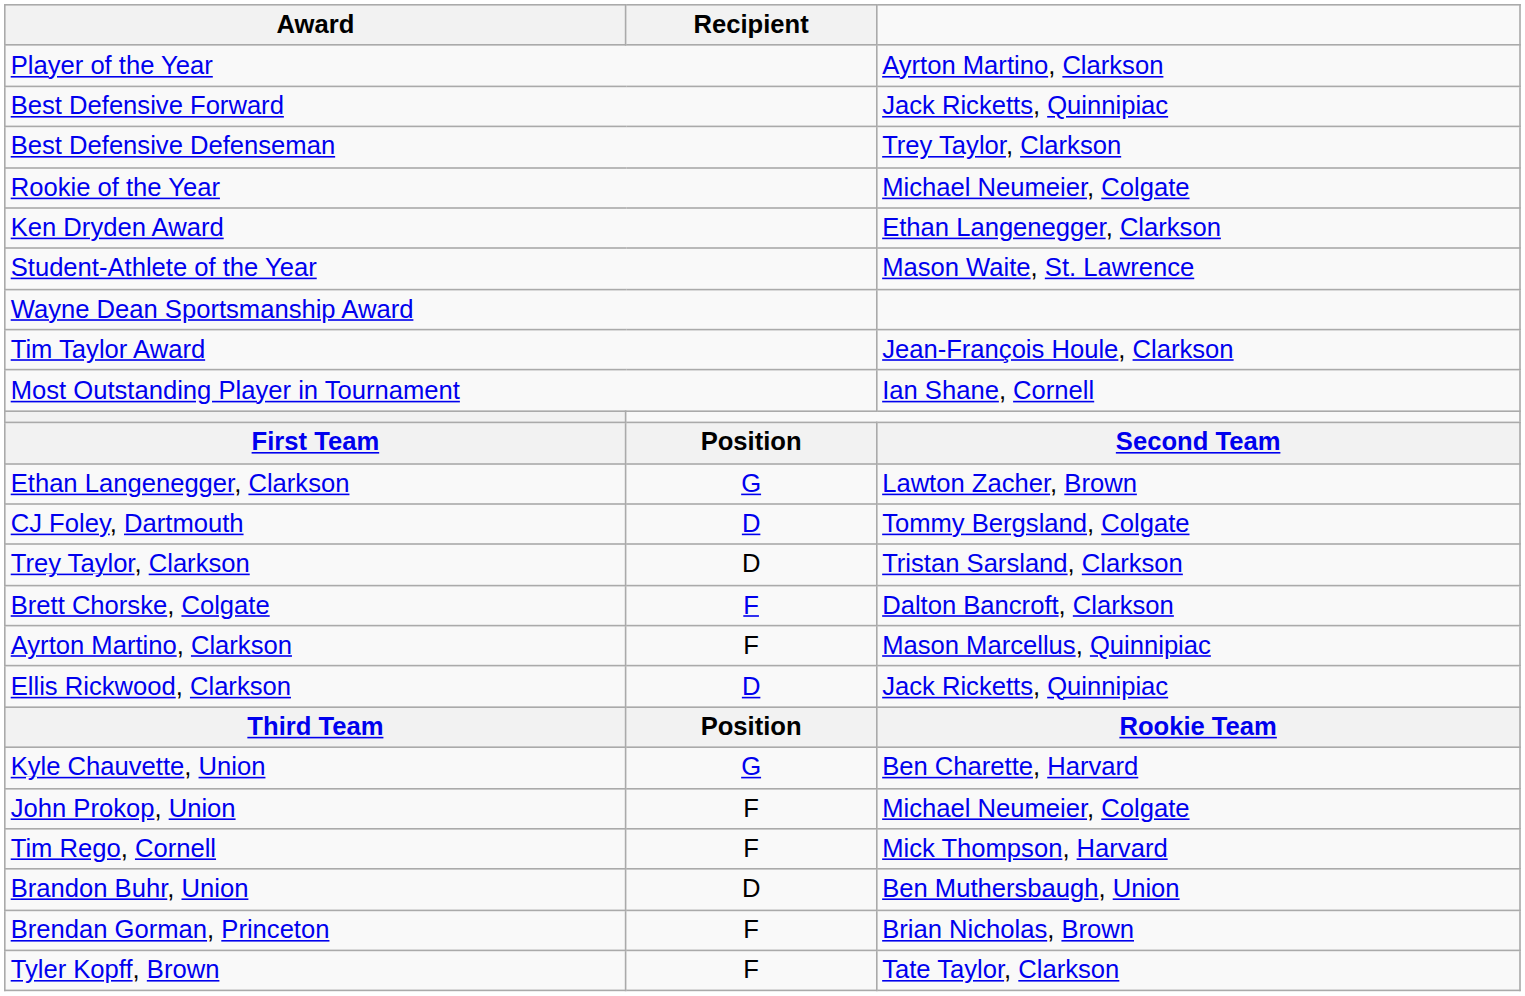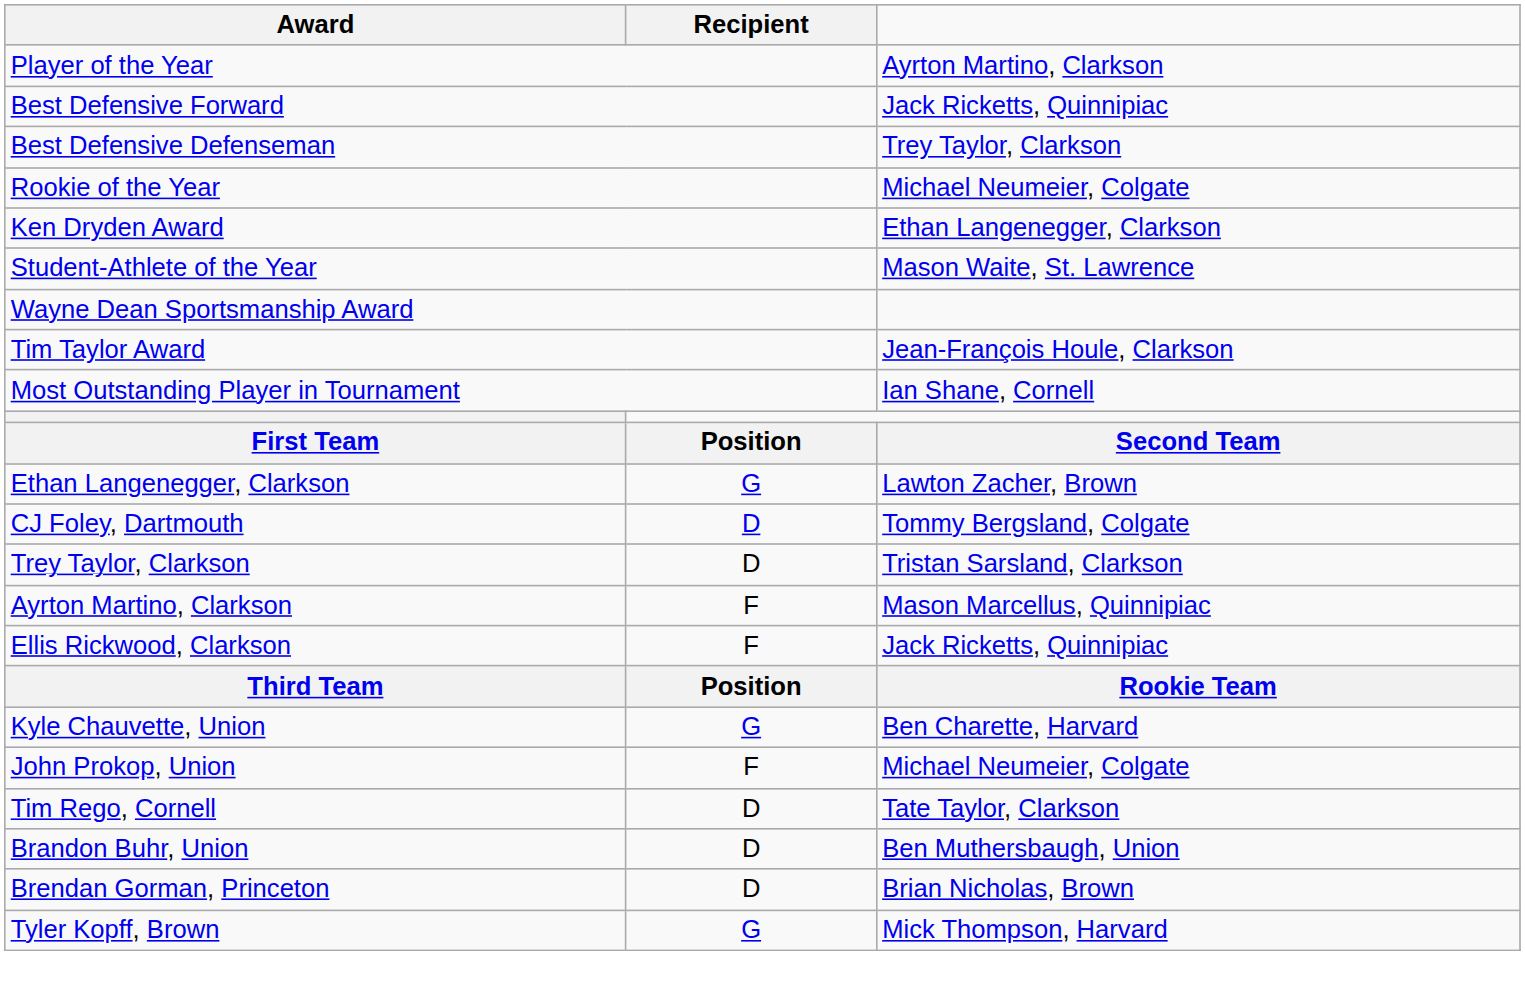 <table class="wikitable" width=75%>
 <tr>
 <th>Award</th>
 <th>Recipient</th>
 </tr>
 <tr>
 <td colspan=2><a href='#'>Player of the Year</a></td>
 <td><a href='#'>Ayrton Martino</a>, <a href='#'>Clarkson</a></td>
 </tr>
 <tr>
 <td colspan=2><a href='#'>Best Defensive Forward</a></td>
 <td><a href='#'>Jack Ricketts</a>, <a href='#'>Quinnipiac</a></td>
 </tr>
 <tr>
 <td colspan=2><a href='#'>Best Defensive Defenseman</a></td>
 <td><a href='#'>Trey Taylor</a>, <a href='#'>Clarkson</a></td>
 </tr>
 <tr>
 <td colspan=2><a href='#'>Rookie of the Year</a></td>
 <td><a href='#'>Michael Neumeier</a>, <a href='#'>Colgate</a></td>
 </tr>
 <tr>
 <td colspan=2><a href='#'>Ken Dryden Award</a></td>
 <td><a href='#'>Ethan Langenegger</a>, <a href='#'>Clarkson</a></td>
 </tr>
 <tr>
 <td colspan=2><a href='#'>Student-Athlete of the Year</a></td>
 <td><a href='#'>Mason Waite</a>, <a href='#'>St. Lawrence</a></td>
 </tr>
 <tr>
 <td colspan=2><a href='#'>Wayne Dean Sportsmanship Award</a></td>
 <td></td>
 </tr>
 <tr>
 <td colspan=2><a href='#'>Tim Taylor Award</a></td>
 <td><a href='#'>Jean-François Houle</a>, <a href='#'>Clarkson</a></td>
 </tr>
 <tr>
 <td colspan=2><a href='#'>Most Outstanding Player in Tournament</a></td>
 <td><a href='#'>Ian Shane</a>, <a href='#'>Cornell</a></td>
 </tr>
 <tr>
 <th><a href='#'></a></th>
 </tr>
 <tr>
 <th><a href='#'>First Team</a></th>
 <th>  Position  </th>
 <th><a href='#'>Second Team</a></th>
 </tr>
 <tr>
 <td><a href='#'>Ethan Langenegger</a>, <a href='#'>Clarkson</a></td>
 <td align=center><a href='#'>G</a></td>
 <td><a href='#'>Lawton Zacher</a>, <a href='#'>Brown</a></td>
 </tr>
 <tr>
 <td><a href='#'>CJ Foley</a>, <a href='#'>Dartmouth</a></td>
 <td align=center><a href='#'>D</a></td>
 <td><a href='#'>Tommy Bergsland</a>, <a href='#'>Colgate</a></td>
 </tr>
 <tr>
 <td><a href='#'>Trey Taylor</a>, <a href='#'>Clarkson</a></td>
 <td align=center>D</td>
 <td><a href='#'>Tristan Sarsland</a>, <a href='#'>Clarkson</a></td>
 </tr>
 <tr>
-<td><a href='#'>Brett Chorske</a>, <a href='#'>Colgate</a></td>
-<td align=center><a href='#'>F</a></td>
-<td><a href='#'>Dalton Bancroft</a>, <a href='#'>Clarkson</a></td>
-</tr>
-<tr>
 <td><a href='#'>Ayrton Martino</a>, <a href='#'>Clarkson</a></td>
 <td align=center>F</td>
 <td><a href='#'>Mason Marcellus</a>, <a href='#'>Quinnipiac</a></td>
 </tr>
 <tr>
 <td><a href='#'>Ellis Rickwood</a>, <a href='#'>Clarkson</a></td>
-<td align=center><a href='#'>D</a></td>
+<td align=center>F</td>
 <td><a href='#'>Jack Ricketts</a>, <a href='#'>Quinnipiac</a></td>
 </tr>
 <tr>
 <th><a href='#'>Third Team</a></th>
 <th>  Position  </th>
 <th><a href='#'>Rookie Team</a></th>
 </tr>
 <tr>
 <td><a href='#'>Kyle Chauvette</a>, <a href='#'>Union</a></td>
 <td align=center><a href='#'>G</a></td>
 <td><a href='#'>Ben Charette</a>, <a href='#'>Harvard</a></td>
 </tr>
 <tr>
 <td><a href='#'>John Prokop</a>, <a href='#'>Union</a></td>
 <td align=center>F</td>
 <td><a href='#'>Michael Neumeier</a>, <a href='#'>Colgate</a></td>
 </tr>
 <tr>
 <td><a href='#'>Tim Rego</a>, <a href='#'>Cornell</a></td>
-<td align=center>F</td>
-<td><a href='#'>Mick Thompson</a>, <a href='#'>Harvard</a></td>
+<td align=center>D</td>
+<td><a href='#'>Tate Taylor</a>, <a href='#'>Clarkson</a></td>
 </tr>
 <tr>
 <td><a href='#'>Brandon Buhr</a>, <a href='#'>Union</a></td>
 <td align=center>D</td>
 <td><a href='#'>Ben Muthersbaugh</a>, <a href='#'>Union</a></td>
 </tr>
 <tr>
 <td><a href='#'>Brendan Gorman</a>, <a href='#'>Princeton</a></td>
-<td align=center>F</td>
+<td align=center>D</td>
 <td><a href='#'>Brian Nicholas</a>, <a href='#'>Brown</a></td>
 </tr>
 <tr>
 <td><a href='#'>Tyler Kopff</a>, <a href='#'>Brown</a></td>
-<td align=center>F</td>
-<td><a href='#'>Tate Taylor</a>, <a href='#'>Clarkson</a></td>
+<td align=center><a href='#'>G</a></td>
+<td><a href='#'>Mick Thompson</a>, <a href='#'>Harvard</a></td>
 </tr>
 </table>
